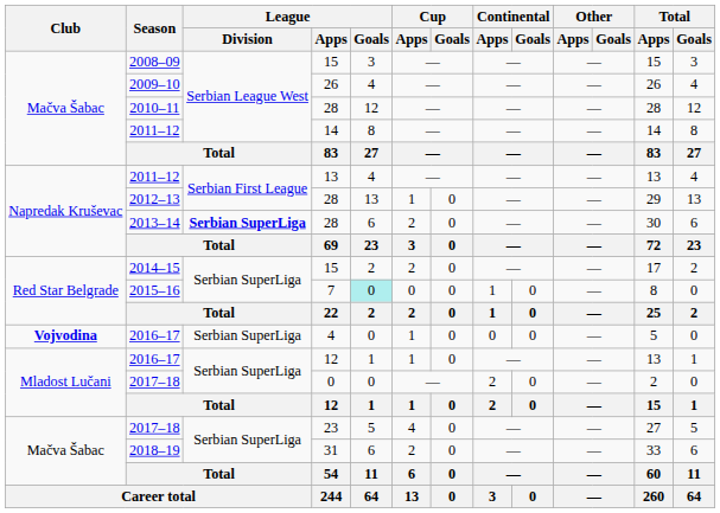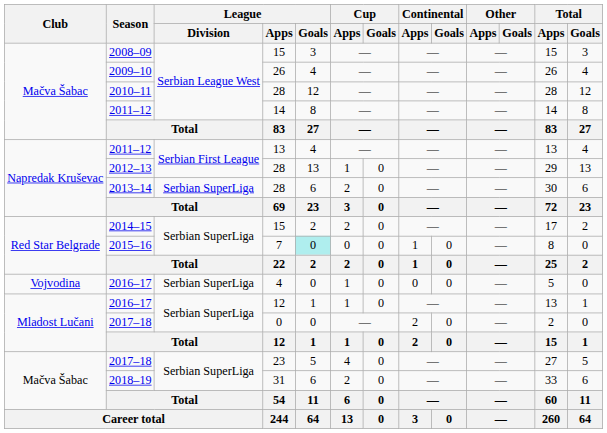 <table class="wikitable" style="text-align:center">
 <tr>
 <th rowspan="2">Club</th>
 <th rowspan="2">Season</th>
 <th colspan="3">League</th>
 <th colspan="2">Cup</th>
 <th colspan="2">Continental</th>
 <th colspan="2">Other</th>
 <th colspan="2">Total</th>
 </tr>
 <tr>
 <th>Division</th>
 <th>Apps</th>
 <th>Goals</th>
 <th>Apps</th>
 <th>Goals</th>
 <th>Apps</th>
 <th>Goals</th>
 <th>Apps</th>
 <th>Goals</th>
 <th>Apps</th>
 <th>Goals</th>
 </tr>
 <tr>
 <td rowspan="5"><a href='#'>Mačva Šabac</a></td>
 <td><a href='#'>2008–09</a></td>
 <td rowspan="4"><a href='#'>Serbian League West</a></td>
 <td>15</td>
 <td>3</td>
 <td colspan="2">—</td>
 <td colspan="2">—</td>
 <td colspan="2">—</td>
 <td>15</td>
 <td>3</td>
 </tr>
 <tr>
 <td><a href='#'>2009–10</a></td>
 <td>26</td>
 <td>4</td>
 <td colspan="2">—</td>
 <td colspan="2">—</td>
 <td colspan="2">—</td>
 <td>26</td>
 <td>4</td>
 </tr>
 <tr>
 <td><a href='#'>2010–11</a></td>
 <td>28</td>
 <td>12</td>
 <td colspan="2">—</td>
 <td colspan="2">—</td>
 <td colspan="2">—</td>
 <td>28</td>
 <td>12</td>
 </tr>
 <tr>
 <td><a href='#'>2011–12</a></td>
 <td>14</td>
 <td>8</td>
 <td colspan="2">—</td>
 <td colspan="2">—</td>
 <td colspan="2">—</td>
 <td>14</td>
 <td>8</td>
 </tr>
 <tr>
 <th colspan="2">Total</th>
 <th>83</th>
 <th>27</th>
 <th colspan="2">—</th>
 <th colspan="2">—</th>
 <th colspan="2">—</th>
 <th>83</th>
 <th>27</th>
 </tr>
 <tr>
 <td rowspan="4"><a href='#'>Napredak Kruševac</a></td>
 <td><a href='#'>2011–12</a></td>
 <td rowspan="2"><a href='#'>Serbian First League</a></td>
 <td>13</td>
 <td>4</td>
 <td colspan="2">—</td>
 <td colspan="2">—</td>
 <td colspan="2">—</td>
 <td>13</td>
 <td>4</td>
 </tr>
 <tr>
 <td><a href='#'>2012–13</a></td>
 <td>28</td>
 <td>13</td>
 <td>1</td>
 <td>0</td>
 <td colspan="2">—</td>
 <td colspan="2">—</td>
 <td>29</td>
 <td>13</td>
 </tr>
 <tr>
 <td><a href='#'>2013–14</a></td>
-<td><strong><a href='#'>Serbian SuperLiga</a></strong></td>
+<td><a href='#'>Serbian SuperLiga</a></td>
 <td>28</td>
 <td>6</td>
 <td>2</td>
 <td>0</td>
 <td colspan="2">—</td>
 <td colspan="2">—</td>
 <td>30</td>
 <td>6</td>
 </tr>
 <tr>
 <th colspan="2">Total</th>
 <th>69</th>
 <th>23</th>
 <th>3</th>
 <th>0</th>
 <th colspan="2">—</th>
 <th colspan="2">—</th>
 <th>72</th>
 <th>23</th>
 </tr>
 <tr>
 <td rowspan="3"><a href='#'>Red Star Belgrade</a></td>
 <td><a href='#'>2014–15</a></td>
 <td rowspan="2">Serbian SuperLiga</td>
 <td>15</td>
 <td>2</td>
 <td>2</td>
 <td>0</td>
 <td colspan="2">—</td>
 <td colspan="2">—</td>
 <td>17</td>
 <td>2</td>
 </tr>
 <tr>
 <td><a href='#'>2015–16</a></td>
 <td>7</td>
 <td style="background: paleturquoise;">0</td>
 <td>0</td>
 <td>0</td>
 <td>1</td>
 <td>0</td>
 <td colspan="2">—</td>
 <td>8</td>
 <td>0</td>
 </tr>
 <tr>
 <th colspan="2">Total</th>
 <th>22</th>
 <th>2</th>
 <th>2</th>
 <th>0</th>
 <th>1</th>
 <th>0</th>
 <th colspan="2">—</th>
 <th>25</th>
 <th>2</th>
 </tr>
 <tr>
-<td><strong><a href='#'>Vojvodina</a></strong></td>
+<td><a href='#'>Vojvodina</a></td>
 <td><a href='#'>2016–17</a></td>
 <td>Serbian SuperLiga</td>
 <td>4</td>
 <td>0</td>
 <td>1</td>
 <td>0</td>
 <td>0</td>
 <td>0</td>
 <td colspan="2">—</td>
 <td>5</td>
 <td>0</td>
 </tr>
 <tr>
 <td rowspan="3"><a href='#'>Mladost Lučani</a></td>
 <td><a href='#'>2016–17</a></td>
 <td rowspan="2">Serbian SuperLiga</td>
 <td>12</td>
 <td>1</td>
 <td>1</td>
 <td>0</td>
 <td colspan="2">—</td>
 <td colspan="2">—</td>
 <td>13</td>
 <td>1</td>
 </tr>
 <tr>
 <td><a href='#'>2017–18</a></td>
 <td>0</td>
 <td>0</td>
 <td colspan="2">—</td>
 <td>2</td>
 <td>0</td>
 <td colspan="2">—</td>
 <td>2</td>
 <td>0</td>
 </tr>
 <tr>
 <th colspan="2">Total</th>
 <th>12</th>
 <th>1</th>
 <th>1</th>
 <th>0</th>
 <th>2</th>
 <th>0</th>
 <th colspan="2">—</th>
 <th>15</th>
 <th>1</th>
 </tr>
 <tr>
 <td rowspan="3">Mačva Šabac</td>
 <td><a href='#'>2017–18</a></td>
 <td rowspan="2">Serbian SuperLiga</td>
 <td>23</td>
 <td>5</td>
 <td>4</td>
 <td>0</td>
 <td colspan="2">—</td>
 <td colspan="2">—</td>
 <td>27</td>
 <td>5</td>
 </tr>
 <tr>
 <td><a href='#'>2018–19</a></td>
 <td>31</td>
 <td>6</td>
 <td>2</td>
 <td>0</td>
 <td colspan="2">—</td>
 <td colspan="2">—</td>
 <td>33</td>
 <td>6</td>
 </tr>
 <tr>
 <th colspan="2">Total</th>
 <th>54</th>
 <th>11</th>
 <th>6</th>
 <th>0</th>
 <th colspan="2">—</th>
 <th colspan="2">—</th>
 <th>60</th>
 <th>11</th>
 </tr>
 <tr>
 <th colspan="3">Career total</th>
 <th>244</th>
 <th>64</th>
 <th>13</th>
 <th>0</th>
 <th>3</th>
 <th>0</th>
 <th colspan="2">—</th>
 <th>260</th>
 <th>64</th>
 </tr>
 </table>
